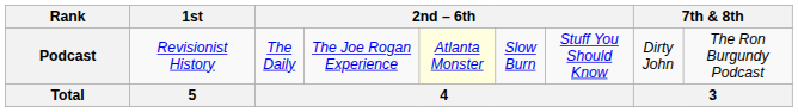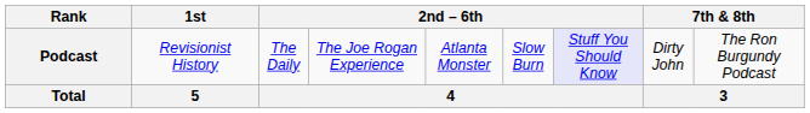 <table class="wikitable">
 <tr>
 <th style="width:130px;">Rank</th>
 <th style="width:130px;">1st</th>
 <th colspan="5">2nd – 6th</th>
 <th colspan="2">7th & 8th</th>
 </tr>
 <tr align="center">
 <th>Podcast</th>
 <td><em><a href='#'>Revisionist History</a></em></td>
 <td><em><a href='#'>The Daily</a></em></td>
 <td><em><a href='#'>The Joe Rogan Experience</a></em></td>
-<td style="background: lightyellow;"><em><a href='#'>Atlanta Monster</a></em></td>
+<td><em><a href='#'>Atlanta Monster</a></em></td>
 <td><em><a href='#'>Slow Burn</a></em></td>
-<td><em><a href='#'>Stuff You Should Know</a></em></td>
+<td style="background: lavender;"><em><a href='#'>Stuff You Should Know</a></em></td>
 <td><em>Dirty John</em></td>
 <td><em>The Ron Burgundy Podcast</em></td>
 </tr>
 <tr align="center">
 <th>Total</th>
 <th>5</th>
 <th colspan="5">4</th>
 <th colspan="2">3</th>
 </tr>
 </table>
